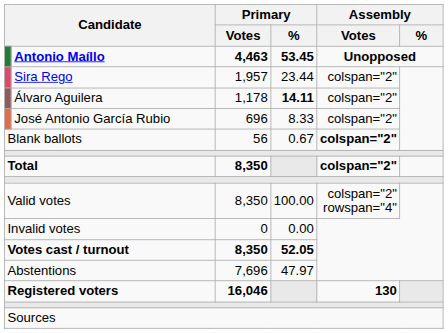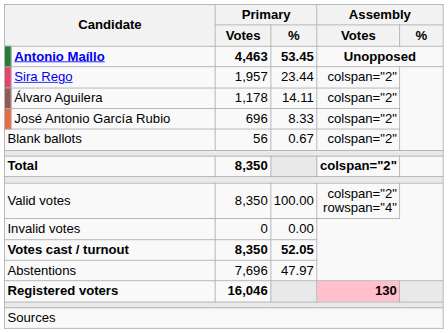 <table class="wikitable" style="text-align:right;">
 <tr>
 <th rowspan="2" colspan="2" width="250">Candidate</th>
 <th colspan="2">Primary</th>
 <th colspan="2">Assembly</th>
 </tr>
 <tr>
 <th width="60">Votes</th>
 <th width="45">%</th>
 <th width="50">Votes</th>
 <th width="45">%</th>
 </tr>
 <tr>
 <td width="1" style="color:inherit;background:#237D33"></td>
 <td align="left"><strong><a href='#'>Antonio Maíllo</a></strong></td>
 <td><strong>4,463</strong></td>
 <td><strong>53.45</strong></td>
 <td colspan="2" align="center"><strong>Unopposed</strong></td>
 </tr>
 <tr>
 <td style="color:inherit;background:#E3466A"></td>
 <td align="left"><a href='#'>Sira Rego</a></td>
 <td>1,957</td>
 <td>23.44</td>
 <td>colspan="2" </td>
 </tr>
 <tr>
 <td style="color:inherit;background:#8F5A5A"></td>
 <td align="left">Álvaro Aguilera</td>
 <td>1,178</td>
-<td><strong>14.11</strong></td>
+<td>14.11</td>
 <td>colspan="2" </td>
 </tr>
 <tr>
 <td style="color:inherit;background:#E66A45"></td>
 <td align="left">José Antonio García Rubio</td>
 <td>696</td>
 <td>8.33</td>
 <td>colspan="2" </td>
 </tr>
 <tr>
 <td align="left" colspan="2">Blank ballots</td>
 <td>56</td>
 <td>0.67</td>
-<td><strong>colspan="2" </strong></td>
+<td>colspan="2" </td>
 </tr>
 <tr>
 <td colspan="6" bgcolor="#E9E9E9"></td>
 </tr>
 <tr style="font-weight:bold;">
 <td align="left" colspan="2">Total</td>
 <td>8,350</td>
 <td bgcolor="#E9E9E9"></td>
 <td>colspan="2" </td>
 </tr>
 <tr>
 <td colspan="6" bgcolor="#E9E9E9"></td>
 </tr>
 <tr>
 <td align="left" colspan="2">Valid votes</td>
 <td>8,350</td>
 <td>100.00</td>
 <td>colspan="2" rowspan="4" </td>
 </tr>
 <tr>
 <td align="left" colspan="2">Invalid votes</td>
 <td>0</td>
 <td>0.00</td>
 </tr>
 <tr style="font-weight:bold;">
 <td align="left" colspan="2">Votes cast / turnout</td>
 <td>8,350</td>
 <td>52.05</td>
 </tr>
 <tr>
 <td align="left" colspan="2">Abstentions</td>
 <td>7,696</td>
 <td>47.97</td>
 </tr>
 <tr style="font-weight:bold;">
 <td align="left" colspan="2">Registered voters</td>
 <td>16,046</td>
 <td bgcolor="#E9E9E9"></td>
-<td>130</td>
+<td style="background: pink;">130</td>
 <td bgcolor="#E9E9E9"></td>
 </tr>
 <tr>
 <td colspan="7" bgcolor="#E9E9E9"></td>
 </tr>
 <tr>
 <td align="left" colspan="7">Sources</td>
 </tr>
 </table>
